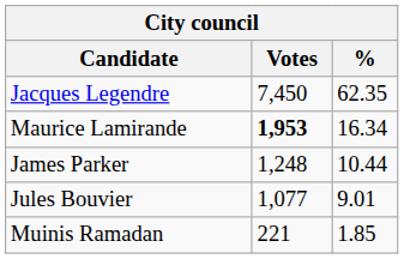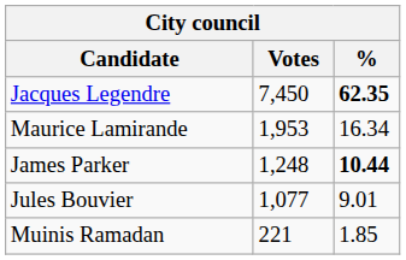 <table class="wikitable">
 <tr>
 <th colspan="3">City council</th>
 </tr>
 <tr>
 <th style="width: 170px">Candidate</th>
 <th style="width: 50px">Votes</th>
 <th style="width: 40px">%</th>
 </tr>
 <tr>
 <td><a href='#'>Jacques Legendre</a></td>
 <td>7,450</td>
-<td>62.35</td>
+<td><strong>62.35</strong></td>
 </tr>
 <tr>
 <td>Maurice Lamirande</td>
-<td><strong>1,953</strong></td>
+<td>1,953</td>
 <td>16.34</td>
 </tr>
 <tr>
 <td>James Parker</td>
 <td>1,248</td>
-<td>10.44</td>
+<td><strong>10.44</strong></td>
 </tr>
 <tr>
 <td>Jules Bouvier</td>
 <td>1,077</td>
 <td>9.01</td>
 </tr>
 <tr>
 <td>Muinis Ramadan</td>
 <td>221</td>
 <td>1.85</td>
 </tr>
 </table>
